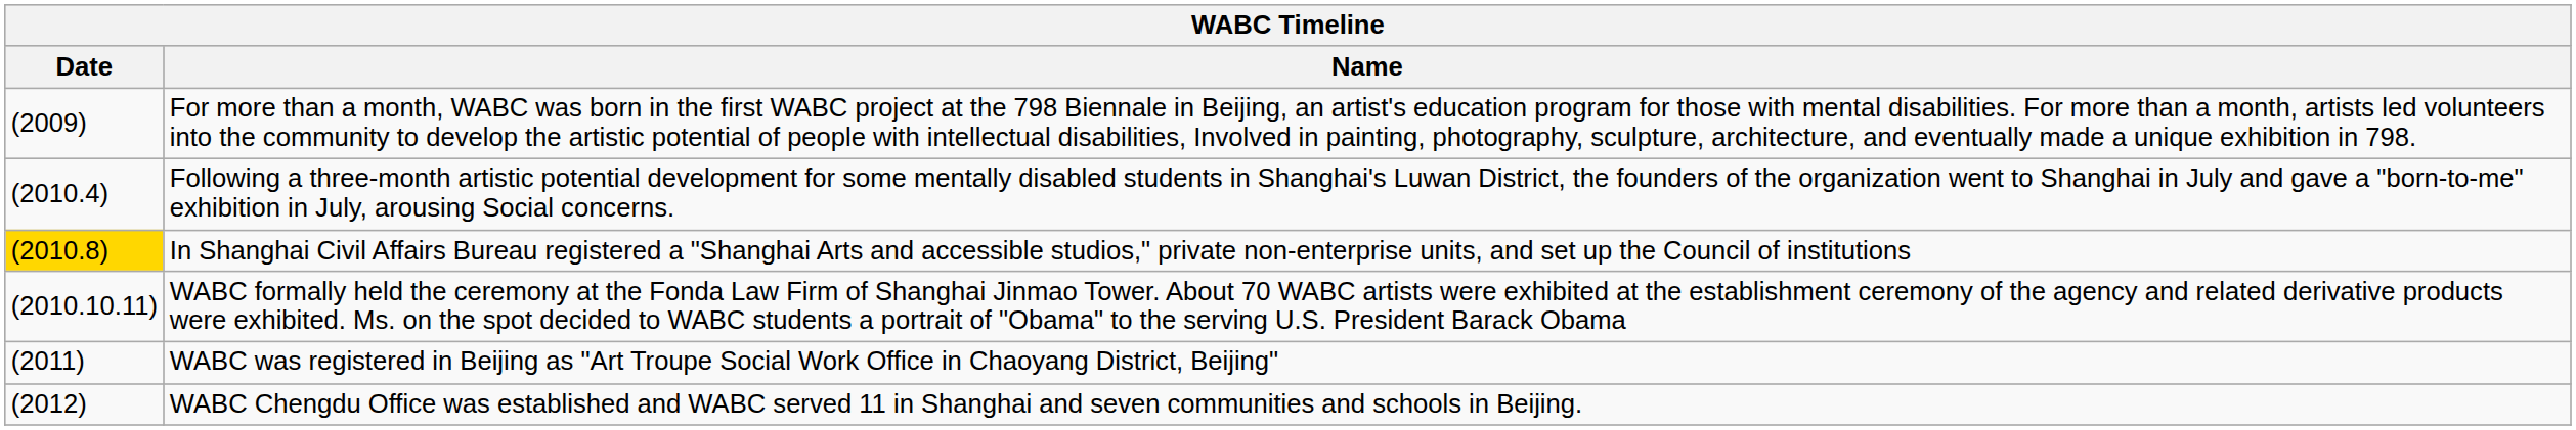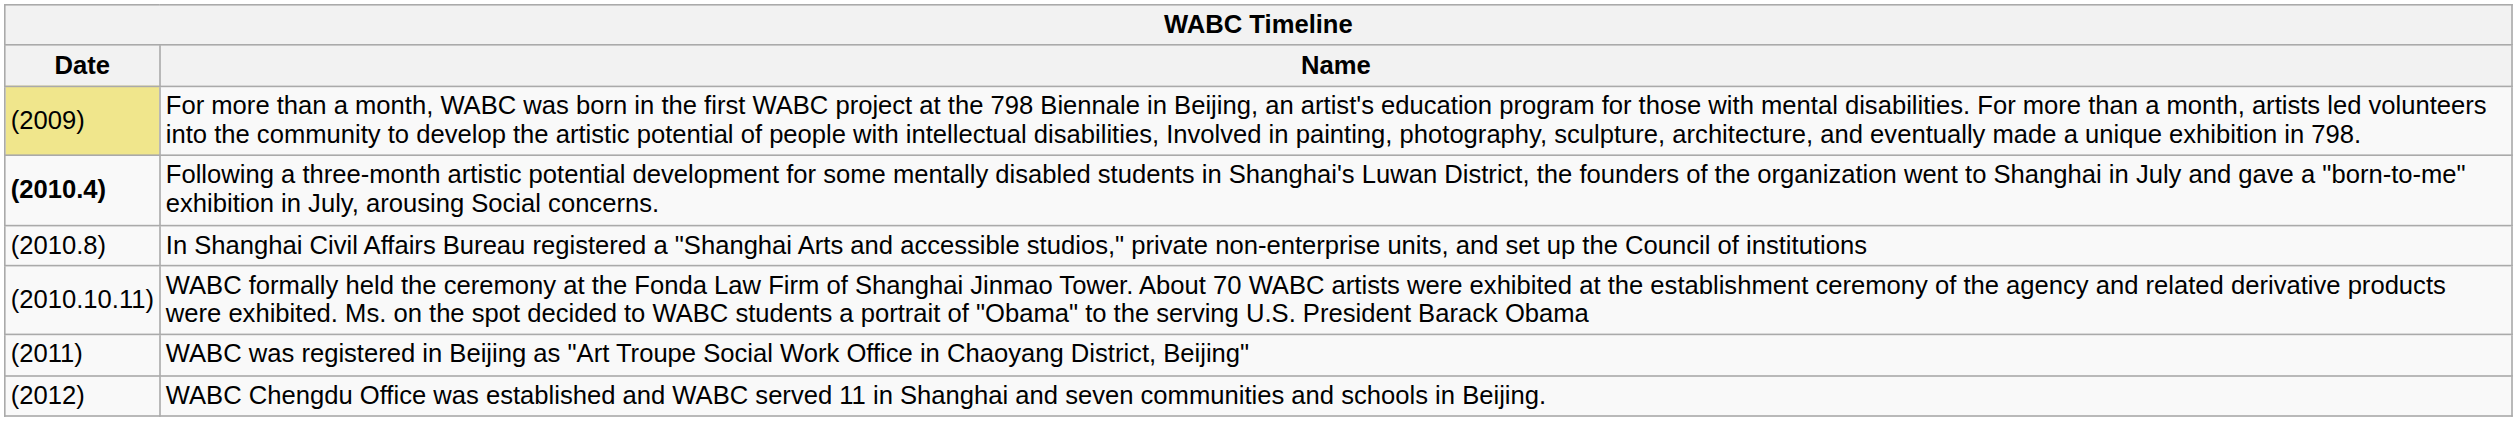 <table class="wikitable">
 <tr>
 <th colspan="2">WABC Timeline </th>
 </tr>
 <tr>
 <th>Date</th>
 <th>Name</th>
 </tr>
 <tr>
-<td>(2009)</td>
+<td style="background: khaki;">(2009)</td>
 <td>For more than a month, WABC was born in the first WABC project at the 798 Biennale in Beijing, an artist's education program for those with mental disabilities. For more than a month, artists led volunteers into the community to develop the artistic potential of people with intellectual disabilities, Involved in painting, photography, sculpture, architecture, and eventually made a unique exhibition in 798.</td>
 </tr>
 <tr>
-<td>(2010.4)</td>
+<td><strong>(2010.4)</strong></td>
 <td>Following a three-month artistic potential development for some mentally disabled students in Shanghai's Luwan District, the founders of the organization went to Shanghai in July and gave a "born-to-me" exhibition in July, arousing Social concerns.</td>
 </tr>
 <tr>
-<td style="background: gold;">(2010.8)</td>
+<td>(2010.8)</td>
 <td>In Shanghai Civil Affairs Bureau registered a "Shanghai Arts and accessible studios," private non-enterprise units, and set up the Council of institutions</td>
 </tr>
 <tr>
 <td>(2010.10.11)</td>
 <td>WABC formally held the ceremony at the Fonda Law Firm of Shanghai Jinmao Tower. About 70 WABC artists were exhibited at the establishment ceremony of the agency and related derivative products were exhibited. Ms. on the spot decided to WABC students a portrait of "Obama" to the serving U.S. President Barack Obama</td>
 </tr>
 <tr>
 <td>(2011)</td>
 <td>WABC was registered in Beijing as "Art Troupe Social Work Office in Chaoyang District, Beijing"</td>
 </tr>
 <tr>
 <td>(2012)</td>
 <td>WABC Chengdu Office was established and WABC served 11 in Shanghai and seven communities and schools in Beijing.</td>
 </tr>
 </table>
